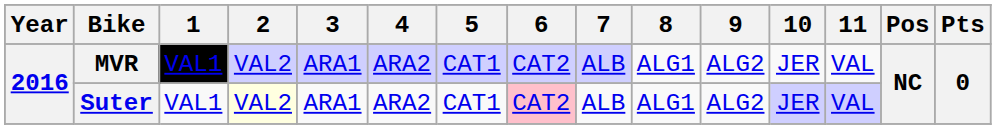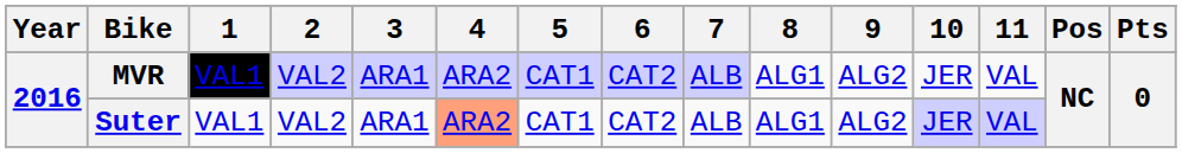 <table class="wikitable" style="text-align:center;">
 <tr>
 <th>Year</th>
 <th>Bike</th>
 <th>1</th>
 <th>2</th>
 <th>3</th>
 <th>4</th>
 <th>5</th>
 <th>6</th>
 <th>7</th>
 <th>8</th>
 <th>9</th>
 <th>10</th>
 <th>11</th>
 <th>Pos</th>
 <th>Pts</th>
 </tr>
 <tr>
 <th rowspan="2"><a href='#'>2016</a></th>
 <th>MVR</th>
 <td style="background:#000000; color:#FFFFFF;"><a href='#'><span>VAL1</span></a><br></td>
 <td style="background:#CFCFFF;"><a href='#'>VAL2</a><br></td>
 <td style="background:#CFCFFF;"><a href='#'>ARA1</a><br></td>
 <td style="background:#CFCFFF;"><a href='#'>ARA2</a><br></td>
 <td style="background:#CFCFFF;"><a href='#'>CAT1</a><br></td>
 <td style="background:#CFCFFF;"><a href='#'>CAT2</a><br></td>
 <td style="background:#CFCFFF;"><a href='#'>ALB</a><br></td>
 <td><a href='#'>ALG1</a></td>
 <td><a href='#'>ALG2</a></td>
 <td><a href='#'>JER</a></td>
 <td><a href='#'>VAL</a></td>
 <th rowspan="2">NC</th>
 <th rowspan="2">0</th>
 </tr>
 <tr>
 <th><a href='#'>Suter</a></th>
 <td><a href='#'>VAL1</a></td>
-<td style="background: lightyellow;"><a href='#'>VAL2</a></td>
+<td><a href='#'>VAL2</a></td>
 <td><a href='#'>ARA1</a></td>
-<td><a href='#'>ARA2</a></td>
+<td style="background: lightsalmon;"><a href='#'>ARA2</a></td>
 <td><a href='#'>CAT1</a></td>
-<td style="background: pink;"><a href='#'>CAT2</a></td>
+<td><a href='#'>CAT2</a></td>
 <td><a href='#'>ALB</a></td>
 <td><a href='#'>ALG1</a></td>
 <td><a href='#'>ALG2</a></td>
 <td style="background:#CFCFFF;"><a href='#'>JER</a><br></td>
 <td style="background:#CFCFFF;"><a href='#'>VAL</a><br></td>
 </tr>
 </table>
